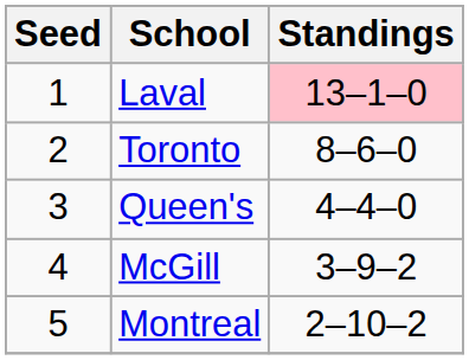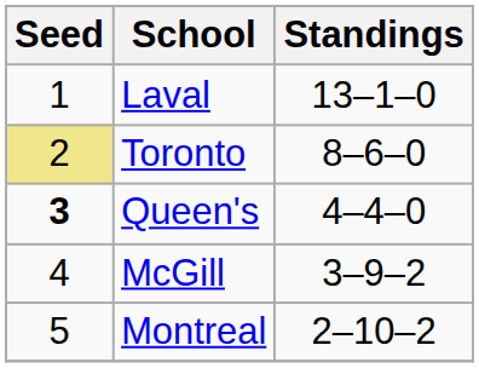 <table class="wikitable">
 <tr>
 <th>Seed</th>
 <th>School</th>
 <th>Standings</th>
 </tr>
 <tr>
 <td align=center>1</td>
 <td><a href='#'>Laval</a></td>
-<td align=center style="background: pink;">13–1–0</td>
+<td align=center>13–1–0</td>
 </tr>
 <tr>
-<td align=center>2</td>
+<td align=center style="background: khaki;">2</td>
 <td><a href='#'>Toronto</a></td>
 <td align=center>8–6–0</td>
 </tr>
 <tr>
-<td align=center>3</td>
+<td align=center><strong>3</strong></td>
 <td><a href='#'>Queen's</a></td>
 <td align=center>4–4–0</td>
 </tr>
 <tr>
 <td align=center>4</td>
 <td><a href='#'>McGill</a></td>
 <td align=center>3–9–2</td>
 </tr>
 <tr>
 <td align=center>5</td>
 <td><a href='#'>Montreal</a></td>
 <td align=center>2–10–2</td>
 </tr>
 <tr>
 </tr>
 </table>
